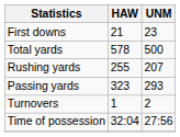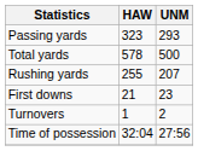 <table class="wikitable">
 <tr>
 <th>Statistics</th>
 <th>HAW</th>
 <th>UNM</th>
 </tr>
 <tr>
-<td>First downs</td>
-<td>21</td>
-<td>23</td>
+<td>Passing yards</td>
+<td>323</td>
+<td>293</td>
 </tr>
 <tr>
 <td>Total yards</td>
 <td>578</td>
 <td>500</td>
 </tr>
 <tr>
 <td>Rushing yards</td>
 <td>255</td>
 <td>207</td>
 </tr>
 <tr>
-<td>Passing yards</td>
-<td>323</td>
-<td>293</td>
+<td>First downs</td>
+<td>21</td>
+<td>23</td>
 </tr>
 <tr>
 <td>Turnovers</td>
 <td>1</td>
 <td>2</td>
 </tr>
 <tr>
 <td>Time of possession</td>
 <td>32:04</td>
 <td>27:56</td>
 </tr>
 <tr>
 </tr>
 </table>
